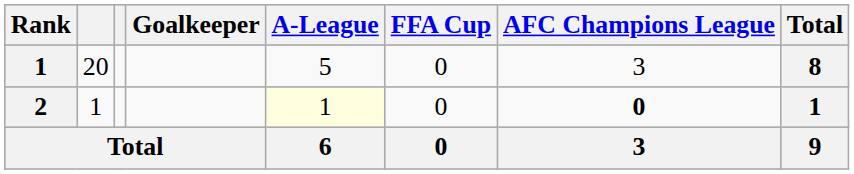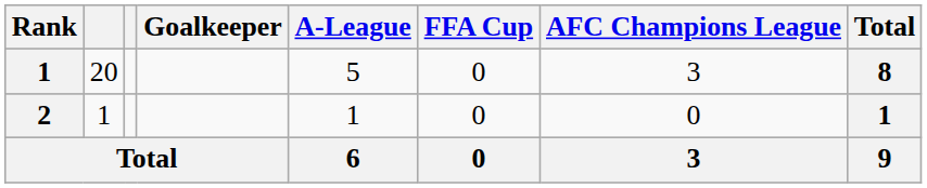 <table class="wikitable" style="text-align:center">
 <tr>
 <th>Rank</th>
 <th></th>
 <th></th>
 <th>Goalkeeper</th>
 <th><a href='#'>A-League</a></th>
 <th><a href='#'>FFA Cup</a></th>
 <th><a href='#'>AFC Champions League</a></th>
 <th>Total</th>
 </tr>
 <tr>
 <th>1</th>
 <td>20</td>
 <td></td>
 <td align="left"></td>
 <td>5</td>
 <td>0</td>
 <td>3</td>
 <th>8</th>
 </tr>
 <tr>
 <th>2</th>
 <td>1</td>
 <td></td>
 <td align="left"></td>
-<td style="background: lightyellow;">1</td>
+<td>1</td>
 <td>0</td>
-<td><strong>0</strong></td>
+<td>0</td>
 <th>1</th>
 </tr>
 <tr>
 <th colspan="4">Total</th>
 <th>6</th>
 <th>0</th>
 <th>3</th>
 <th>9</th>
 </tr>
 </table>
